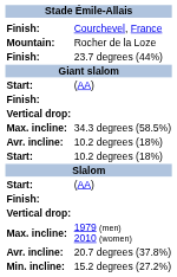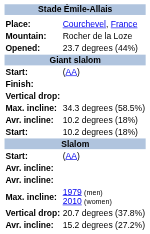 <table border=0 class="toccolours float-right" align="right" style="margin:0 0 0.5em 1em; font-size: 85%;">
 <tr>
 <th bgcolor=#b0c4de colspan=2 align="center">Stade Émile-Allais</th>
 </tr>
 <tr>
 <td align="center" colspan=2></td>
 </tr>
 <tr>
-<td><strong>Finish:</strong></td>
+<td><strong>Place:</strong></td>
 <td> <a href='#'>Courchevel</a>, <a href='#'>France</a></td>
 </tr>
 <tr>
 <td><strong>Mountain:</strong></td>
 <td>Rocher de la Loze</td>
 </tr>
 <tr>
-<td><strong>Finish:</strong></td>
+<td><strong>Opened:</strong></td>
 <td>23.7 degrees (44%)</td>
 </tr>
 <tr>
 <th bgcolor=#b0c4de colspan=2 align="center">Giant slalom</th>
 </tr>
 <tr>
 <td><strong>Start:</strong></td>
 <td> (<a href='#'>AA</a>)</td>
 </tr>
 <tr>
 <td><strong>Finish:</strong></td>
 <td></td>
 </tr>
 <tr>
 <td><strong>Vertical drop:</strong></td>
 <td></td>
 </tr>
 <tr>
 <td><strong>Max. incline:</strong></td>
 <td>34.3 degrees (58.5%)</td>
 </tr>
 <tr>
 <td><strong>Avr. incline:</strong></td>
 <td>10.2 degrees (18%)</td>
 </tr>
 <tr>
 <td><strong>Start:</strong></td>
 <td>10.2 degrees (18%)</td>
 </tr>
 <tr>
 <th bgcolor=#b0c4de colspan=2 align="center">Slalom</th>
 </tr>
 <tr>
 <td><strong>Start:</strong></td>
 <td> (<a href='#'>AA</a>)</td>
 </tr>
 <tr>
-<td><strong>Finish:</strong></td>
+<td><strong>Avr. incline:</strong></td>
 <td></td>
 </tr>
 <tr>
-<td><strong>Vertical drop:</strong></td>
+<td><strong>Avr. incline:</strong></td>
 <td></td>
 </tr>
 <tr>
 <td><strong>Max. incline:</strong></td>
 <td><a href='#'>1979</a> <small>(men)</small><br><a href='#'>2010</a> <small>(women)</small></td>
 </tr>
 <tr>
-<td><strong>Avr. incline:</strong></td>
+<td><strong>Vertical drop:</strong></td>
 <td>20.7 degrees (37.8%)</td>
 </tr>
 <tr>
-<td><strong>Min. incline:</strong></td>
+<td><strong>Avr. incline:</strong></td>
 <td>15.2 degrees (27.2%)</td>
 </tr>
 </table>
